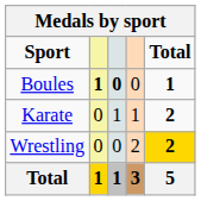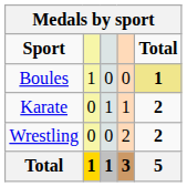 <table class="wikitable" style="font-size:85%; text-align:center;">
 <tr style="background:#efefef;">
 <th colspan=5><strong>Medals by sport</strong></th>
 </tr>
 <tr>
 <td><strong>Sport</strong></td>
 <td style="background:#f7f6a8;"></td>
 <td style="background:#dce5e5;"></td>
 <td style="background:#ffdab9;"></td>
 <td><strong>Total</strong></td>
 </tr>
 <tr>
 <td><a href='#'>Boules</a></td>
-<td style="background:#F7F6A8;"><strong>1</strong></td>
-<td style="background:#DCE5E5;"><strong>0</strong></td>
+<td style="background:#F7F6A8;">1</td>
+<td style="background:#DCE5E5;">0</td>
 <td style="background:#FFDAB9;">0</td>
-<td><strong>1</strong></td>
+<td style="background: khaki;"><strong>1</strong></td>
 </tr>
 <tr>
 <td><a href='#'>Karate</a></td>
 <td style="background:#F7F6A8;">0</td>
 <td style="background:#DCE5E5;">1</td>
 <td style="background:#FFDAB9;">1</td>
 <td><strong>2</strong></td>
 </tr>
 <tr>
 <td><a href='#'>Wrestling</a></td>
 <td style="background:#F7F6A8;">0</td>
 <td style="background:#DCE5E5;">0</td>
 <td style="background:#FFDAB9;">2</td>
-<td style="background: gold;"><strong>2</strong></td>
+<td><strong>2</strong></td>
 </tr>
 <tr>
 <th>Total</th>
 <th style="background:gold;">1</th>
 <th style="background:silver;">1</th>
 <th style="background:#c96;">3</th>
 <th>5</th>
 </tr>
 </table>
